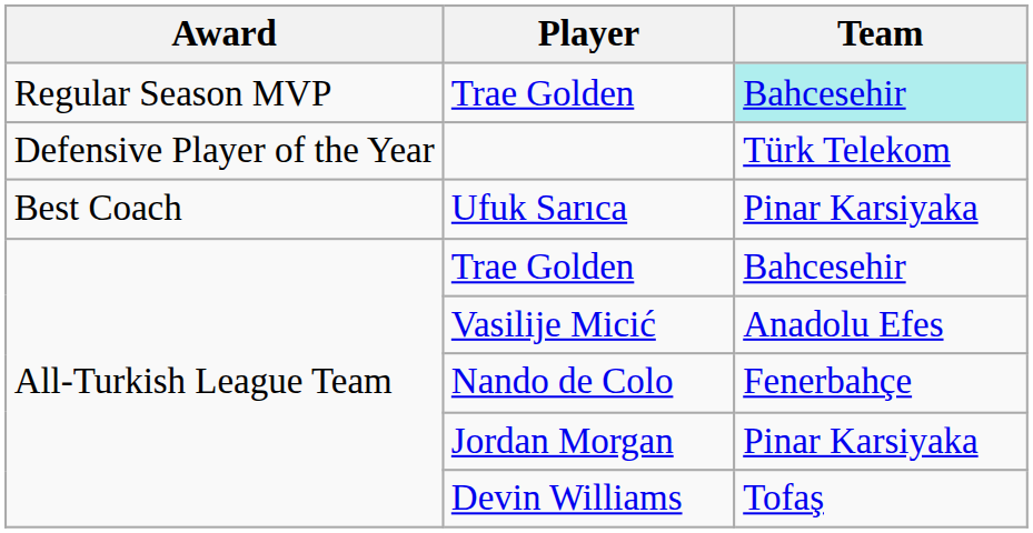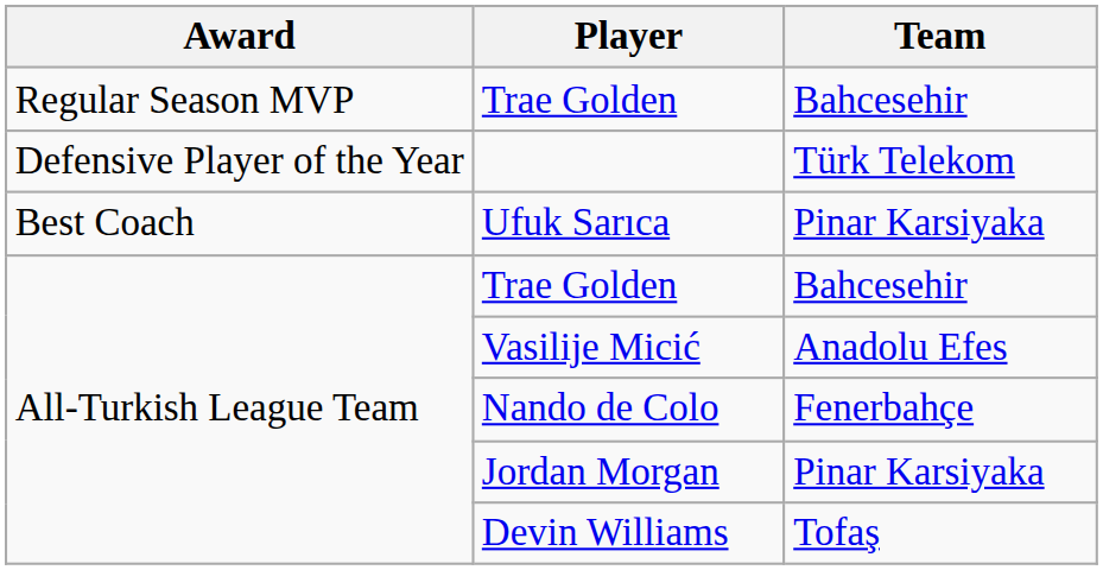 <table class="wikitable sortable" style="text-align:left;">
 <tr>
 <th>Award</th>
 <th width=120>Player</th>
 <th width=120>Team</th>
 </tr>
 <tr>
 <td>Regular Season MVP</td>
 <td> <a href='#'>Trae Golden</a></td>
-<td style="background: paleturquoise;"><a href='#'>Bahcesehir</a></td>
+<td><a href='#'>Bahcesehir</a></td>
 </tr>
 <tr>
 <td>Defensive Player of the Year</td>
 <td></td>
 <td><a href='#'>Türk Telekom</a></td>
 </tr>
 <tr>
 <td>Best Coach</td>
 <td> <a href='#'>Ufuk Sarıca</a></td>
 <td><a href='#'>Pinar Karsiyaka</a></td>
 </tr>
 <tr>
 <td rowspan="5">All-Turkish League Team</td>
 <td> <a href='#'>Trae Golden</a></td>
 <td><a href='#'>Bahcesehir</a></td>
 </tr>
 <tr>
 <td> <a href='#'>Vasilije Micić</a></td>
 <td><a href='#'>Anadolu Efes</a></td>
 </tr>
 <tr>
 <td> <a href='#'>Nando de Colo</a></td>
 <td><a href='#'>Fenerbahçe</a></td>
 </tr>
 <tr>
 <td> <a href='#'>Jordan Morgan</a></td>
 <td><a href='#'>Pinar Karsiyaka</a></td>
 </tr>
 <tr>
 <td> <a href='#'>Devin Williams</a></td>
 <td><a href='#'>Tofaş</a></td>
 </tr>
 </table>
